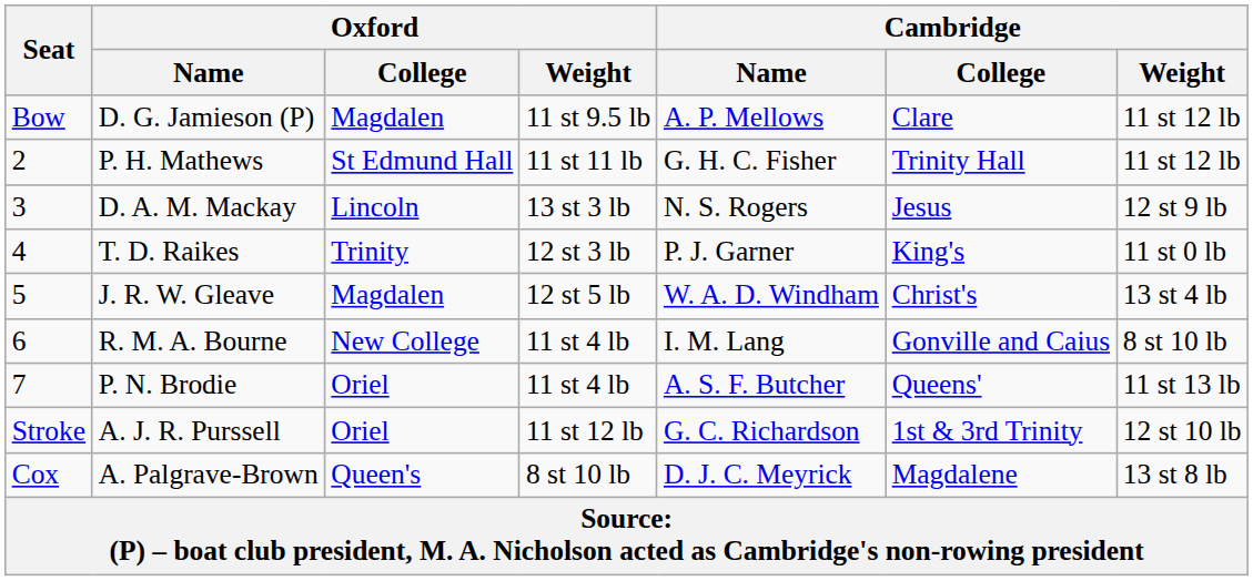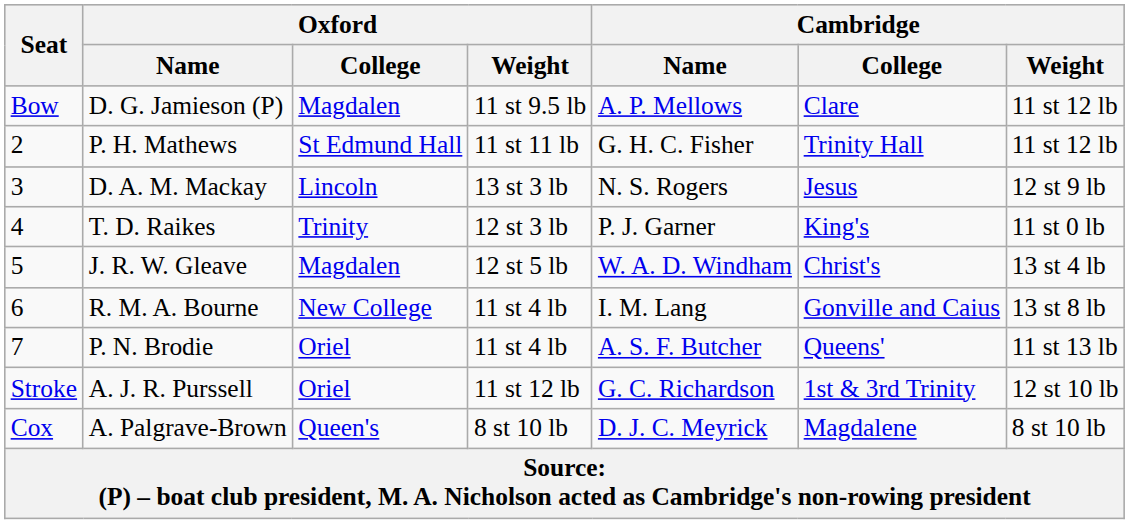 <table class="wikitable">
 <tr>
 <th rowspan="2" scope="col">Seat</th>
 <th colspan="3" scope="col">Oxford <br> </th>
 <th colspan="3" scope="col">Cambridge <br> </th>
 </tr>
 <tr>
 <th>Name</th>
 <th>College</th>
 <th>Weight</th>
 <th>Name</th>
 <th>College</th>
 <th>Weight</th>
 </tr>
 <tr>
 <td><a href='#'>Bow</a></td>
 <td>D. G. Jamieson (P)</td>
 <td><a href='#'>Magdalen</a></td>
 <td>11 st 9.5 lb</td>
 <td><a href='#'>A. P. Mellows</a></td>
 <td><a href='#'>Clare</a></td>
 <td>11 st 12 lb</td>
 </tr>
 <tr>
 <td>2</td>
 <td>P. H. Mathews</td>
 <td><a href='#'>St Edmund Hall</a></td>
 <td>11 st 11 lb</td>
 <td>G. H. C. Fisher</td>
 <td><a href='#'>Trinity Hall</a></td>
 <td>11 st 12 lb</td>
 </tr>
 <tr>
 <td>3</td>
 <td>D. A. M. Mackay</td>
 <td><a href='#'>Lincoln</a></td>
 <td>13 st 3 lb</td>
 <td>N. S. Rogers</td>
 <td><a href='#'>Jesus</a></td>
 <td>12 st 9 lb</td>
 </tr>
 <tr>
 <td>4</td>
 <td>T. D. Raikes</td>
 <td><a href='#'>Trinity</a></td>
 <td>12 st 3 lb</td>
 <td>P. J. Garner</td>
 <td><a href='#'>King's</a></td>
 <td>11 st 0 lb</td>
 </tr>
 <tr>
 <td>5</td>
 <td>J. R. W. Gleave</td>
 <td><a href='#'>Magdalen</a></td>
 <td>12 st 5 lb</td>
 <td><a href='#'>W. A. D. Windham</a></td>
 <td><a href='#'>Christ's</a></td>
 <td>13 st 4 lb</td>
 </tr>
 <tr>
 <td>6</td>
 <td>R. M. A. Bourne</td>
 <td><a href='#'>New College</a></td>
 <td>11 st 4 lb</td>
 <td>I. M. Lang</td>
 <td><a href='#'>Gonville and Caius</a></td>
-<td>8 st 10 lb</td>
+<td>13 st 8 lb</td>
 </tr>
 <tr>
 <td>7</td>
 <td>P. N. Brodie</td>
 <td><a href='#'>Oriel</a></td>
 <td>11 st 4 lb</td>
 <td><a href='#'>A. S. F. Butcher</a></td>
 <td><a href='#'>Queens'</a></td>
 <td>11 st 13 lb</td>
 </tr>
 <tr>
 <td><a href='#'>Stroke</a></td>
 <td>A. J. R. Purssell</td>
 <td><a href='#'>Oriel</a></td>
 <td>11 st 12 lb</td>
 <td><a href='#'>G. C. Richardson</a></td>
 <td><a href='#'>1st & 3rd Trinity</a></td>
 <td>12 st 10 lb</td>
 </tr>
 <tr>
 <td><a href='#'>Cox</a></td>
 <td>A. Palgrave-Brown</td>
 <td><a href='#'>Queen's</a></td>
 <td>8 st 10 lb</td>
 <td><a href='#'>D. J. C. Meyrick</a></td>
 <td><a href='#'>Magdalene</a></td>
-<td>13 st 8 lb</td>
+<td>8 st 10 lb</td>
 </tr>
 <tr>
 <th colspan="7">Source:<br>(P) – boat club president, M. A. Nicholson acted as Cambridge's non-rowing president</th>
 </tr>
 </table>
